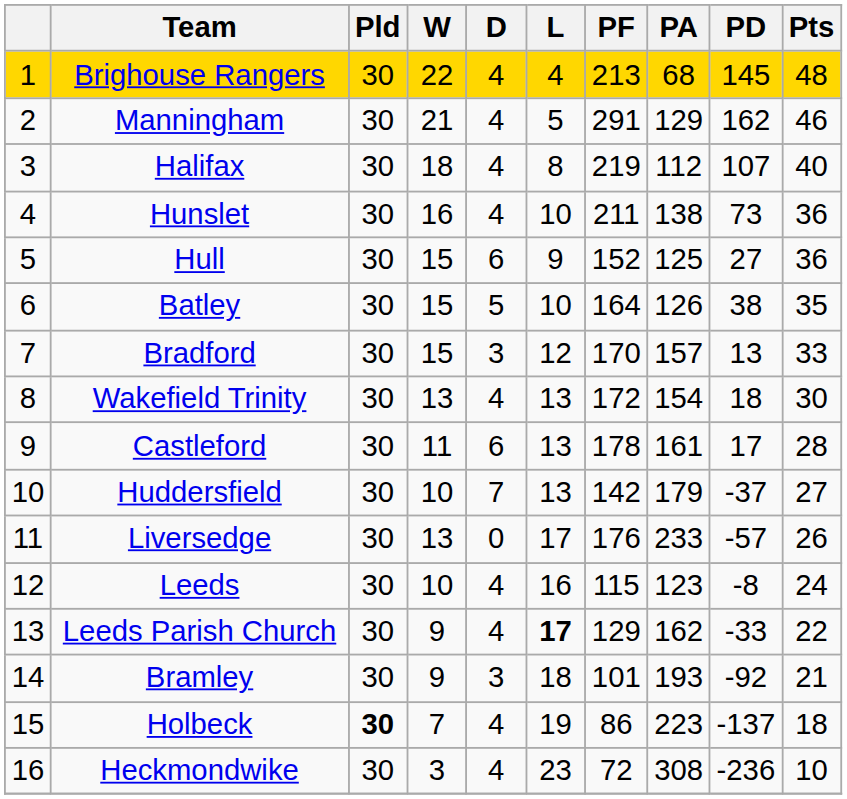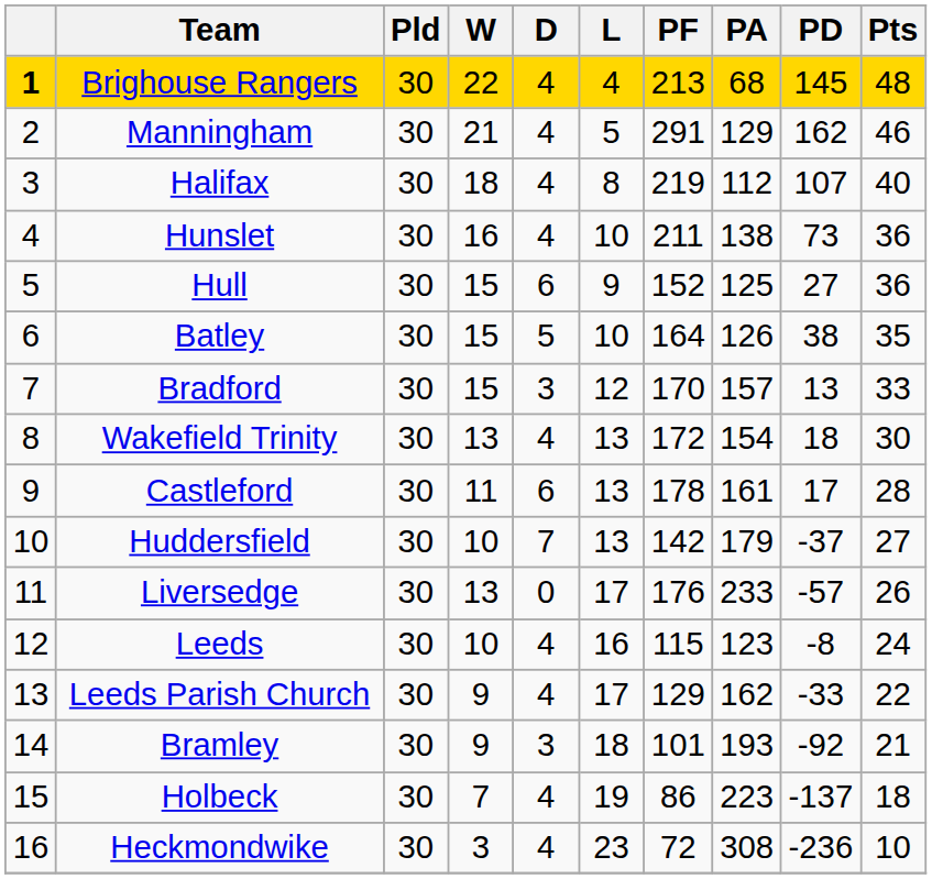 <table class="wikitable" style="text-align:center;">
 <tr>
 <th width=15 abbr="Position"></th>
 <th width=155>Team</th>
 <th width=25 abbr="Played">Pld</th>
 <th width=25 abbr="Won">W</th>
 <th width=25 abbr="Drawn">D</th>
 <th width=25 abbr="Lost">L</th>
 <th width=25 abbr="Points for">PF</th>
 <th width=25 abbr="Points against">PA</th>
 <th width=25 abbr="Points difference">PD</th>
 <th width=25 abbr="Points">Pts</th>
 </tr>
 <tr style="background:#FFD700;">
-<td>1</td>
+<td><strong>1</strong></td>
 <td><a href='#'>Brighouse Rangers</a></td>
 <td>30</td>
 <td>22</td>
 <td>4</td>
 <td>4</td>
 <td>213</td>
 <td>68</td>
 <td>145</td>
 <td>48</td>
 </tr>
 <tr>
 <td>2</td>
 <td> <a href='#'>Manningham</a></td>
 <td>30</td>
 <td>21</td>
 <td>4</td>
 <td>5</td>
 <td>291</td>
 <td>129</td>
 <td>162</td>
 <td>46</td>
 </tr>
 <tr>
 <td>3</td>
 <td> <a href='#'>Halifax</a></td>
 <td>30</td>
 <td>18</td>
 <td>4</td>
 <td>8</td>
 <td>219</td>
 <td>112</td>
 <td>107</td>
 <td>40</td>
 </tr>
 <tr>
 <td>4</td>
 <td> <a href='#'>Hunslet</a></td>
 <td>30</td>
 <td>16</td>
 <td>4</td>
 <td>10</td>
 <td>211</td>
 <td>138</td>
 <td>73</td>
 <td>36</td>
 </tr>
 <tr>
 <td>5</td>
 <td> <a href='#'>Hull</a></td>
 <td>30</td>
 <td>15</td>
 <td>6</td>
 <td>9</td>
 <td>152</td>
 <td>125</td>
 <td>27</td>
 <td>36</td>
 </tr>
 <tr>
 <td>6</td>
 <td> <a href='#'>Batley</a></td>
 <td>30</td>
 <td>15</td>
 <td>5</td>
 <td>10</td>
 <td>164</td>
 <td>126</td>
 <td>38</td>
 <td>35</td>
 </tr>
 <tr>
 <td>7</td>
 <td> <a href='#'>Bradford</a></td>
 <td>30</td>
 <td>15</td>
 <td>3</td>
 <td>12</td>
 <td>170</td>
 <td>157</td>
 <td>13</td>
 <td>33</td>
 </tr>
 <tr>
 <td>8</td>
 <td> <a href='#'>Wakefield Trinity</a></td>
 <td>30</td>
 <td>13</td>
 <td>4</td>
 <td>13</td>
 <td>172</td>
 <td>154</td>
 <td>18</td>
 <td>30</td>
 </tr>
 <tr>
 <td>9</td>
 <td> <a href='#'>Castleford</a></td>
 <td>30</td>
 <td>11</td>
 <td>6</td>
 <td>13</td>
 <td>178</td>
 <td>161</td>
 <td>17</td>
 <td>28</td>
 </tr>
 <tr>
 <td>10</td>
 <td> <a href='#'>Huddersfield</a></td>
 <td>30</td>
 <td>10</td>
 <td>7</td>
 <td>13</td>
 <td>142</td>
 <td>179</td>
 <td>-37</td>
 <td>27</td>
 </tr>
 <tr>
 <td>11</td>
 <td><a href='#'>Liversedge</a></td>
 <td>30</td>
 <td>13</td>
 <td>0</td>
 <td>17</td>
 <td>176</td>
 <td>233</td>
 <td>-57</td>
 <td>26</td>
 </tr>
 <tr>
 <td>12</td>
 <td> <a href='#'>Leeds</a></td>
 <td>30</td>
 <td>10</td>
 <td>4</td>
 <td>16</td>
 <td>115</td>
 <td>123</td>
 <td>-8</td>
 <td>24</td>
 </tr>
 <tr>
 <td>13</td>
 <td><a href='#'>Leeds Parish Church</a></td>
 <td>30</td>
 <td>9</td>
 <td>4</td>
-<td><strong>17</strong></td>
+<td>17</td>
 <td>129</td>
 <td>162</td>
 <td>-33</td>
 <td>22</td>
 </tr>
 <tr>
 <td>14</td>
 <td><a href='#'>Bramley</a></td>
 <td>30</td>
 <td>9</td>
 <td>3</td>
 <td>18</td>
 <td>101</td>
 <td>193</td>
 <td>-92</td>
 <td>21</td>
 </tr>
 <tr>
 <td>15</td>
 <td><a href='#'>Holbeck</a></td>
-<td><strong>30</strong></td>
+<td>30</td>
 <td>7</td>
 <td>4</td>
 <td>19</td>
 <td>86</td>
 <td>223</td>
 <td>-137</td>
 <td>18</td>
 </tr>
 <tr>
 <td>16</td>
 <td><a href='#'>Heckmondwike</a></td>
 <td>30</td>
 <td>3</td>
 <td>4</td>
 <td>23</td>
 <td>72</td>
 <td>308</td>
 <td>-236</td>
 <td>10</td>
 </tr>
 <tr>
 </tr>
 </table>
